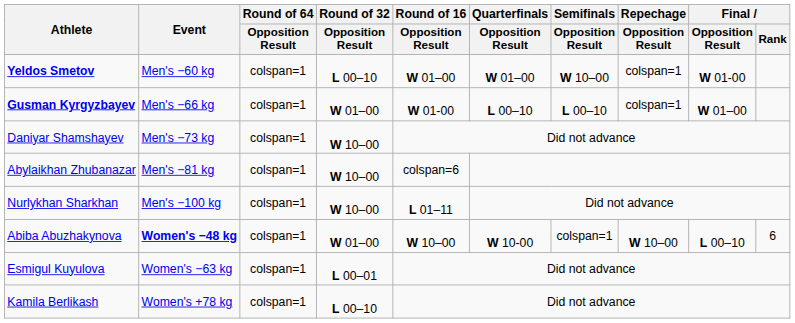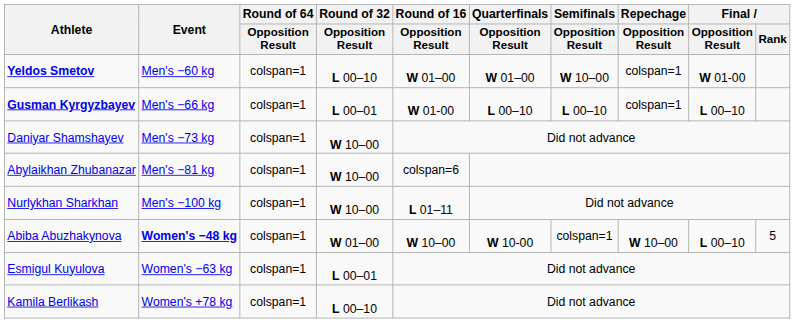 <table class=wikitable style=font-size:90%;text-align:center>
 <tr>
 <th rowspan=2>Athlete</th>
 <th rowspan=2>Event</th>
 <th>Round of 64</th>
 <th>Round of 32</th>
 <th>Round of 16</th>
 <th>Quarterfinals</th>
 <th>Semifinals</th>
 <th>Repechage</th>
 <th colspan=2>Final / </th>
 </tr>
 <tr style=font-size:95%>
 <th>Opposition<br>Result</th>
 <th>Opposition<br>Result</th>
 <th>Opposition<br>Result</th>
 <th>Opposition<br>Result</th>
 <th>Opposition<br>Result</th>
 <th>Opposition<br>Result</th>
 <th>Opposition<br>Result</th>
 <th>Rank</th>
 </tr>
 <tr>
 <td align=left><strong><a href='#'>Yeldos Smetov</a></strong></td>
 <td align=left><a href='#'>Men's −60 kg</a></td>
 <td>colspan=1 </td>
 <td><br> <strong>L</strong> 00–10</td>
 <td><br><strong>W</strong> 01–00</td>
 <td><br><strong>W</strong> 01–00</td>
 <td><br><strong>W</strong> 10–00</td>
 <td>colspan=1 </td>
 <td><br><strong>W</strong> 01-00</td>
 <td></td>
 </tr>
 <tr>
 <td align=left><strong><a href='#'>Gusman Kyrgyzbayev</a></strong></td>
 <td align=left><a href='#'>Men's −66 kg</a></td>
 <td>colspan=1 </td>
-<td><br> <strong>W</strong> 01–00</td>
+<td><br> <strong>L</strong> 00–01</td>
 <td><br> <strong>W</strong> 01-00</td>
 <td><br><strong>L</strong> 00–10</td>
 <td><br> <strong>L</strong> 00–10</td>
 <td>colspan=1 </td>
-<td><br><strong>W</strong> 01–00</td>
+<td><br><strong>L</strong> 00–10</td>
 <td></td>
 </tr>
 <tr>
 <td align=left><a href='#'>Daniyar Shamshayev</a></td>
 <td align=left><a href='#'>Men's −73 kg</a></td>
 <td>colspan=1 </td>
 <td><br><strong>W</strong> 10–00</td>
 <td colspan="6" align="center">Did not advance</td>
 </tr>
 <tr>
 <td align=left><a href='#'>Abylaikhan Zhubanazar</a></td>
 <td align=left><a href='#'>Men's −81 kg</a></td>
 <td>colspan=1 </td>
 <td><br><strong>W</strong> 10–00</td>
 <td>colspan=6 </td>
 </tr>
 <tr>
 <td align=left><a href='#'>Nurlykhan Sharkhan</a></td>
 <td align=left><a href='#'>Men's −100 kg</a></td>
 <td>colspan=1 </td>
 <td><br> <strong>W</strong> 10–00</td>
 <td><br> <strong>L</strong> 01–11</td>
 <td colspan="6" align="center">Did not advance</td>
 </tr>
 <tr>
 <td align=left><a href='#'>Abiba Abuzhakynova</a></td>
 <td align=left><strong><a href='#'>Women's −48 kg</a></strong></td>
 <td>colspan=1 </td>
 <td><br><strong>W</strong> 01–00</td>
 <td><br><strong>W</strong> 10–00</td>
 <td><br> <strong>W</strong> 10-00</td>
 <td>colspan=1 </td>
 <td><br><strong>W</strong> 10–00</td>
 <td><br><strong>L</strong> 00–10</td>
-<td>6</td>
+<td>5</td>
 </tr>
 <tr>
 <td align=left><a href='#'>Esmigul Kuyulova</a></td>
 <td align=left><a href='#'>Women's −63 kg</a></td>
 <td>colspan=1 </td>
 <td><br> <strong>L</strong> 00–01</td>
 <td colspan="6" align="center">Did not advance</td>
 </tr>
 <tr>
 <td align=left><a href='#'>Kamila Berlikash</a></td>
 <td align=left><a href='#'>Women's +78 kg</a></td>
 <td>colspan=1 </td>
 <td><br> <strong>L</strong> 00–10</td>
 <td colspan="6" align="center">Did not advance</td>
 </tr>
 </table>
